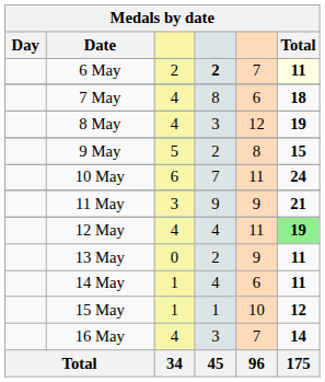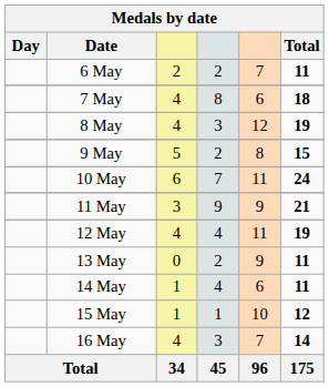 <table class="wikitable" style="font-size:90%; text-align:center">
 <tr style="background:#efefef;">
 <th colspan=6><strong>Medals by date</strong></th>
 </tr>
 <tr>
 <th width=30><strong>Day</strong></th>
 <th width=90><strong>Date</strong></th>
 <th width=30 style="background:#F7F6A8;"></th>
 <th width=30 style="background:#DCE5E5;"></th>
 <th width=30 style="background:#FFDAB9;"></th>
 <th width=30><strong>Total</strong></th>
 </tr>
 <tr>
 <td></td>
 <td>6 May</td>
 <td style="background:#F7F6A8;">2</td>
-<td style="background:#DCE5E5;"><strong>2</strong></td>
+<td style="background:#DCE5E5;">2</td>
 <td style="background:#FFDAB9;">7</td>
-<td style="background: lightyellow;"><strong>11</strong></td>
+<td><strong>11</strong></td>
 </tr>
 <tr>
 </tr>
 <tr>
 <td></td>
 <td>7 May</td>
 <td style="background:#F7F6A8;">4</td>
 <td style="background:#DCE5E5;">8</td>
 <td style="background:#FFDAB9;">6</td>
 <td><strong>18</strong></td>
 </tr>
 <tr>
 </tr>
 <tr>
 <td></td>
 <td>8 May</td>
 <td style="background:#F7F6A8;">4</td>
 <td style="background:#DCE5E5;">3</td>
 <td style="background:#FFDAB9;">12</td>
 <td><strong>19</strong></td>
 </tr>
 <tr>
 </tr>
 <tr>
 <td></td>
 <td>9 May</td>
 <td style="background:#F7F6A8;">5</td>
 <td style="background:#DCE5E5;">2</td>
 <td style="background:#FFDAB9;">8</td>
 <td><strong>15</strong></td>
 </tr>
 <tr>
 </tr>
 <tr>
 <td></td>
 <td>10 May</td>
 <td style="background:#F7F6A8;">6</td>
 <td style="background:#DCE5E5;">7</td>
 <td style="background:#FFDAB9;">11</td>
 <td><strong>24</strong></td>
 </tr>
 <tr>
 </tr>
 <tr>
 <td></td>
 <td>11 May</td>
 <td style="background:#F7F6A8;">3</td>
 <td style="background:#DCE5E5;">9</td>
 <td style="background:#FFDAB9;">9</td>
 <td><strong>21</strong></td>
 </tr>
 <tr>
 </tr>
 <tr>
 <td></td>
 <td>12 May</td>
 <td style="background:#F7F6A8;">4</td>
 <td style="background:#DCE5E5;">4</td>
 <td style="background:#FFDAB9;">11</td>
-<td style="background: lightgreen;"><strong>19</strong></td>
+<td><strong>19</strong></td>
 </tr>
 <tr>
 <td></td>
 <td>13 May</td>
 <td style="background:#F7F6A8;">0</td>
 <td style="background:#DCE5E5;">2</td>
 <td style="background:#FFDAB9;">9</td>
 <td><strong>11</strong></td>
 </tr>
 <tr>
 <td></td>
 <td>14 May</td>
 <td style="background:#F7F6A8;">1</td>
 <td style="background:#DCE5E5;">4</td>
 <td style="background:#FFDAB9;">6</td>
 <td><strong>11</strong></td>
 </tr>
 <tr>
 <td></td>
 <td>15 May</td>
 <td style="background:#F7F6A8;">1</td>
 <td style="background:#DCE5E5;">1</td>
 <td style="background:#FFDAB9;">10</td>
 <td><strong>12</strong></td>
 </tr>
 <tr>
 <td></td>
 <td>16 May</td>
 <td style="background:#F7F6A8;">4</td>
 <td style="background:#DCE5E5;">3</td>
 <td style="background:#FFDAB9;">7</td>
 <td><strong>14</strong></td>
 </tr>
 <tr>
 <th colspan="2"><strong>Total</strong></th>
 <th>34</th>
 <th>45</th>
 <th>96</th>
 <th>175</th>
 </tr>
 </table>
